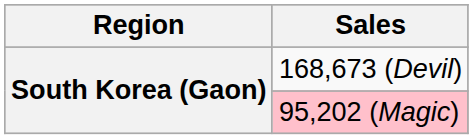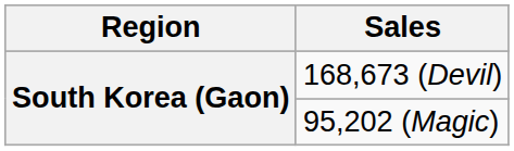 <table class="wikitable plainrowheaders">
 <tr>
 <th>Region</th>
 <th>Sales</th>
 </tr>
 <tr>
 <th rowspan="2" scope="row">South Korea (Gaon)</th>
 <td>168,673 (<em>Devil</em>)</td>
 </tr>
 <tr>
-<td style="background: pink;">95,202 (<em>Magic</em>)</td>
+<td>95,202 (<em>Magic</em>)</td>
 </tr>
 </table>
